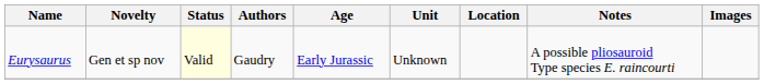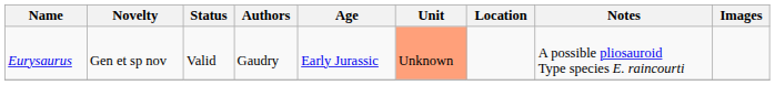 <table class="wikitable sortable" align="center" width="100%">
 <tr>
 <th>Name</th>
 <th>Novelty</th>
 <th>Status</th>
 <th>Authors</th>
 <th>Age</th>
 <th>Unit</th>
 <th>Location</th>
 <th>Notes</th>
 <th>Images</th>
 </tr>
 <tr>
 <td><br><em><a href='#'>Eurysaurus</a></em></td>
 <td><br>Gen et sp nov</td>
-<td style="background: lightyellow;"><br>Valid</td>
+<td><br>Valid</td>
 <td><br>Gaudry</td>
 <td><br><a href='#'>Early Jurassic</a></td>
-<td><br>Unknown</td>
+<td style="background: lightsalmon;"><br>Unknown</td>
 <td><br></td>
 <td><br>A possible <a href='#'>pliosauroid</a><br>Type species <em>E. raincourti</em></td>
 <td></td>
 </tr>
 <tr>
 </tr>
 </table>
